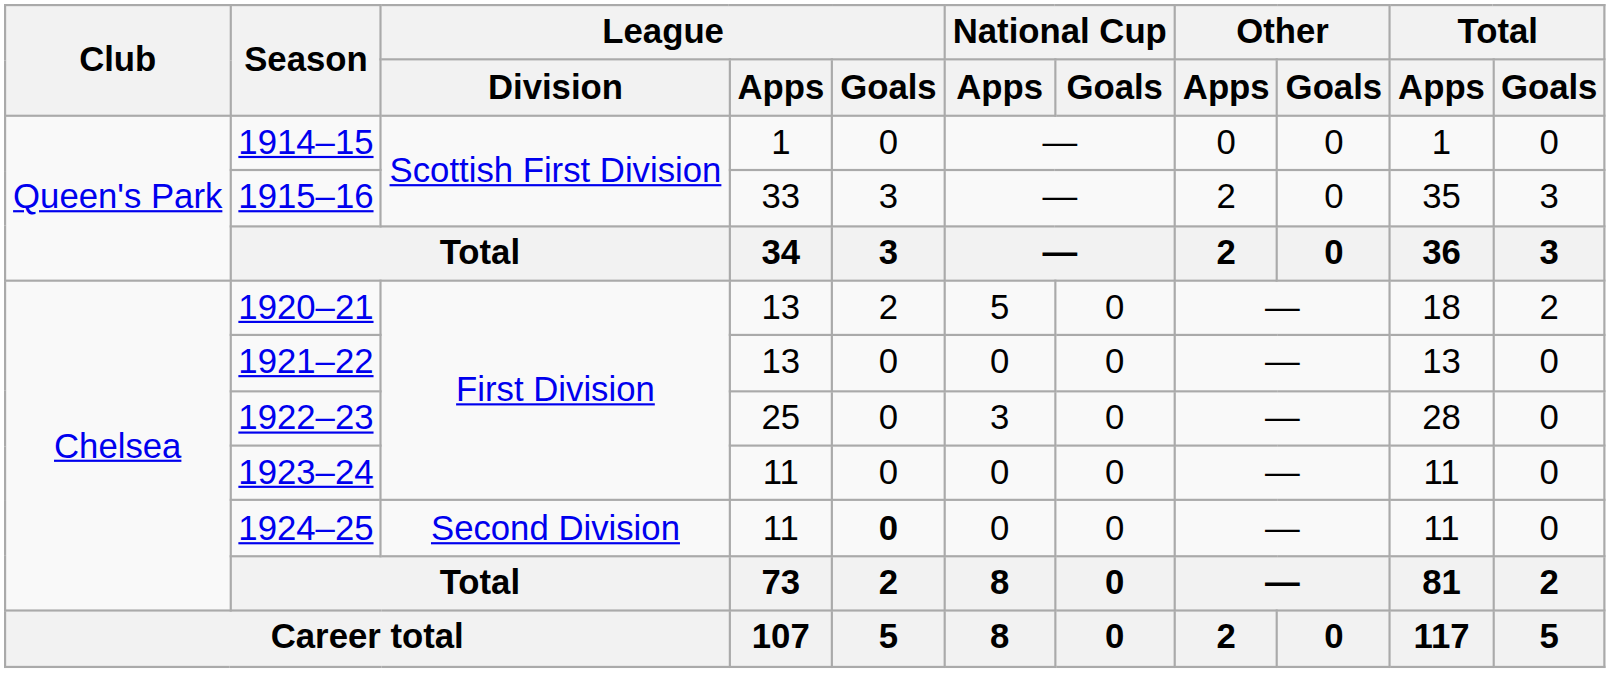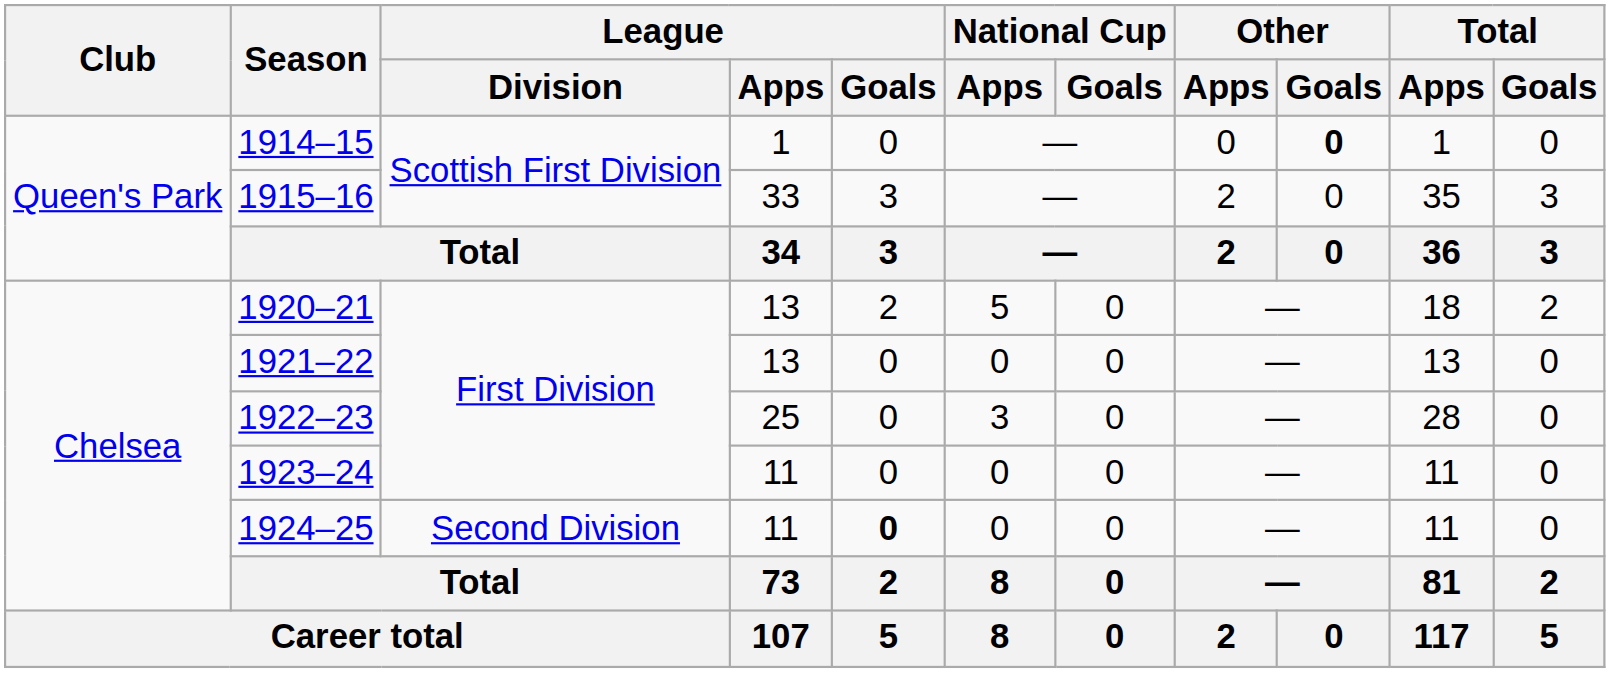 <table class="wikitable" style="text-align: center;">
 <tr>
 <th rowspan="2">Club</th>
 <th rowspan="2">Season</th>
 <th colspan="3">League</th>
 <th colspan="2">National Cup</th>
 <th colspan="2">Other</th>
 <th colspan="2">Total</th>
 </tr>
 <tr>
 <th>Division</th>
 <th>Apps</th>
 <th>Goals</th>
 <th>Apps</th>
 <th>Goals</th>
 <th>Apps</th>
 <th>Goals</th>
 <th>Apps</th>
 <th>Goals</th>
 </tr>
 <tr>
 <td rowspan="3"><a href='#'>Queen's Park</a></td>
 <td><a href='#'>1914–15</a></td>
 <td rowspan="2"><a href='#'>Scottish First Division</a></td>
 <td>1</td>
 <td>0</td>
 <td colspan="2">—</td>
 <td>0</td>
-<td>0</td>
+<td><strong>0</strong></td>
 <td>1</td>
 <td>0</td>
 </tr>
 <tr>
 <td><a href='#'>1915–16</a></td>
 <td>33</td>
 <td>3</td>
 <td colspan="2">—</td>
 <td>2</td>
 <td>0</td>
 <td>35</td>
 <td>3</td>
 </tr>
 <tr>
 <th colspan="2">Total</th>
 <th>34</th>
 <th>3</th>
 <th colspan="2">—</th>
 <th>2</th>
 <th>0</th>
 <th>36</th>
 <th>3</th>
 </tr>
 <tr>
 <td rowspan="6"><a href='#'>Chelsea</a></td>
 <td><a href='#'>1920–21</a></td>
 <td rowspan="4"><a href='#'>First Division</a></td>
 <td>13</td>
 <td>2</td>
 <td>5</td>
 <td>0</td>
 <td colspan="2">—</td>
 <td>18</td>
 <td>2</td>
 </tr>
 <tr>
 <td><a href='#'>1921–22</a></td>
 <td>13</td>
 <td>0</td>
 <td>0</td>
 <td>0</td>
 <td colspan="2">—</td>
 <td>13</td>
 <td>0</td>
 </tr>
 <tr>
 <td><a href='#'>1922–23</a></td>
 <td>25</td>
 <td>0</td>
 <td>3</td>
 <td>0</td>
 <td colspan="2">—</td>
 <td>28</td>
 <td>0</td>
 </tr>
 <tr>
 <td><a href='#'>1923–24</a></td>
 <td>11</td>
 <td>0</td>
 <td>0</td>
 <td>0</td>
 <td colspan="2">—</td>
 <td>11</td>
 <td>0</td>
 </tr>
 <tr>
 <td><a href='#'>1924–25</a></td>
 <td><a href='#'>Second Division</a></td>
 <td>11</td>
 <td><strong>0</strong></td>
 <td>0</td>
 <td>0</td>
 <td colspan="2">—</td>
 <td>11</td>
 <td>0</td>
 </tr>
 <tr>
 <th colspan="2">Total</th>
 <th>73</th>
 <th>2</th>
 <th>8</th>
 <th>0</th>
 <th colspan="2">—</th>
 <th>81</th>
 <th>2</th>
 </tr>
 <tr>
 <th colspan="3">Career total</th>
 <th>107</th>
 <th>5</th>
 <th>8</th>
 <th>0</th>
 <th>2</th>
 <th>0</th>
 <th>117</th>
 <th>5</th>
 </tr>
 </table>
